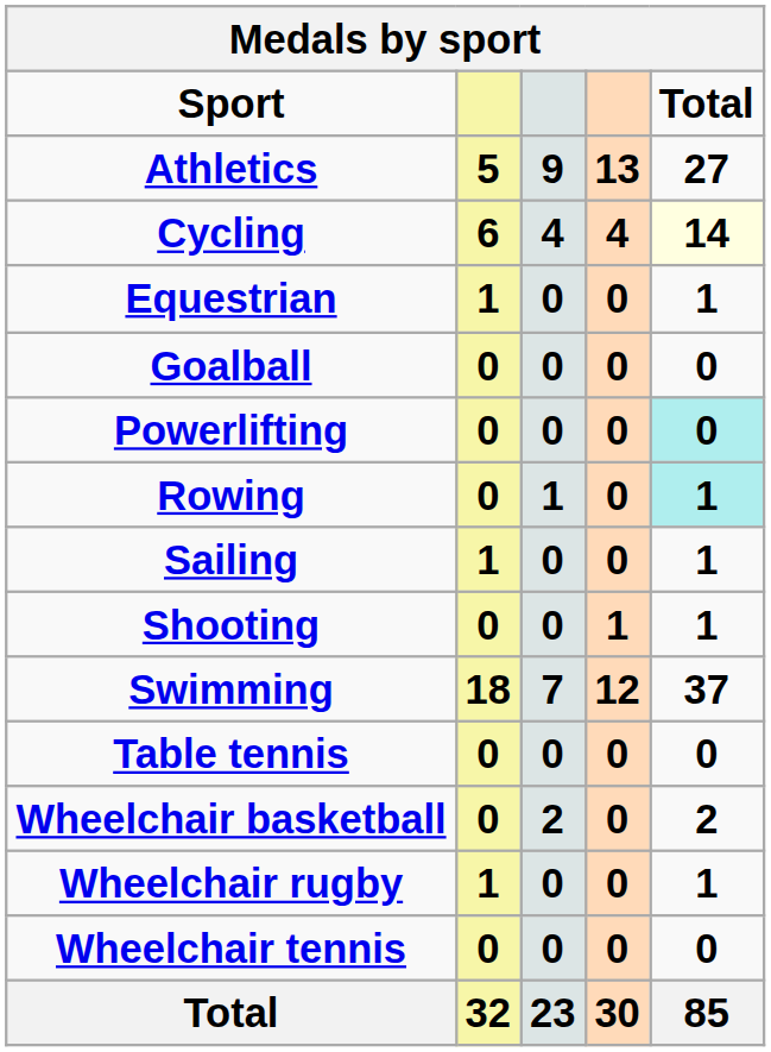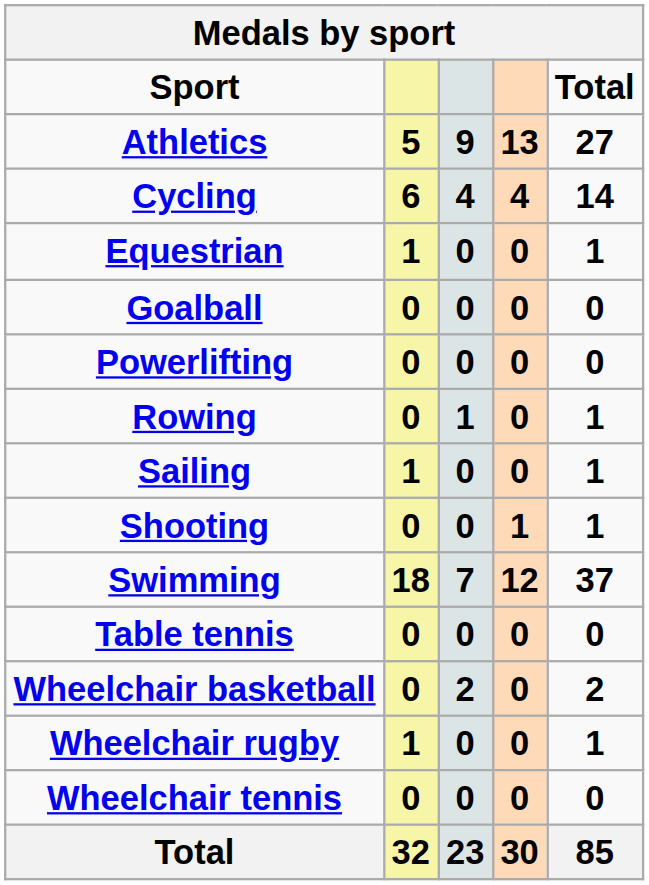 <table class="wikitable" style="font-size:95%;float:right;clear:right;margin-left:0.5em">
 <tr style="background:#efefef;">
 <th colspan=5>Medals by sport</th>
 </tr>
 <tr style="text-align:center;">
 <td><strong>Sport</strong></td>
 <td bgcolor=#f7f6a8></td>
 <td bgcolor=#dce5e5></td>
 <td bgcolor=#ffdab9></td>
 <td><strong>Total</strong></td>
 </tr>
 <tr style="text-align:center; font-weight:bold;">
 <td><a href='#'>Athletics</a></td>
 <td style="background:#F7F6A8;">5</td>
 <td style="background:#DCE5E5;">9</td>
 <td style="background:#FFDAB9;">13</td>
 <td>27</td>
 </tr>
 <tr style="text-align:center; font-weight:bold;">
 <td><a href='#'>Cycling</a></td>
 <td style="background:#F7F6A8;">6</td>
 <td style="background:#DCE5E5;">4</td>
 <td style="background:#FFDAB9;">4</td>
-<td style="background: lightyellow;">14</td>
+<td>14</td>
 </tr>
 <tr style="text-align:center; font-weight:bold;">
 <td><a href='#'>Equestrian</a></td>
 <td style="background:#F7F6A8;">1</td>
 <td style="background:#DCE5E5;">0</td>
 <td style="background:#FFDAB9;">0</td>
 <td>1</td>
 </tr>
 <tr style="text-align:center; font-weight:bold;">
 <td><a href='#'>Goalball</a></td>
 <td style="background:#F7F6A8;">0</td>
 <td style="background:#DCE5E5;">0</td>
 <td style="background:#FFDAB9;">0</td>
 <td>0</td>
 </tr>
 <tr style="text-align:center; font-weight:bold;">
 <td><a href='#'>Powerlifting</a></td>
 <td style="background:#F7F6A8;">0</td>
 <td style="background:#DCE5E5;">0</td>
 <td style="background:#FFDAB9;">0</td>
-<td style="background: paleturquoise;">0</td>
+<td>0</td>
 </tr>
 <tr style="text-align:center; font-weight:bold;">
 <td><a href='#'>Rowing</a></td>
 <td style="background:#F7F6A8;">0</td>
 <td style="background:#DCE5E5;">1</td>
 <td style="background:#FFDAB9;">0</td>
-<td style="background: paleturquoise;">1</td>
+<td>1</td>
 </tr>
 <tr style="text-align:center; font-weight:bold;">
 <td><a href='#'>Sailing</a></td>
 <td style="background:#F7F6A8;">1</td>
 <td style="background:#DCE5E5;">0</td>
 <td style="background:#FFDAB9;">0</td>
 <td>1</td>
 </tr>
 <tr style="text-align:center; font-weight:bold;">
 <td><a href='#'>Shooting</a></td>
 <td style="background:#F7F6A8;">0</td>
 <td style="background:#DCE5E5;">0</td>
 <td style="background:#FFDAB9;">1</td>
 <td>1</td>
 </tr>
 <tr style="text-align:center; font-weight:bold;">
 <td><a href='#'>Swimming</a></td>
 <td style="background:#F7F6A8;">18</td>
 <td style="background:#DCE5E5;">7</td>
 <td style="background:#FFDAB9;">12</td>
 <td>37</td>
 </tr>
 <tr style="text-align:center; font-weight:bold;">
 <td><a href='#'>Table tennis</a></td>
 <td style="background:#F7F6A8;">0</td>
 <td style="background:#DCE5E5;">0</td>
 <td style="background:#FFDAB9;">0</td>
 <td>0</td>
 </tr>
 <tr style="text-align:center; font-weight:bold;">
 <td><a href='#'>Wheelchair basketball</a></td>
 <td style="background:#F7F6A8;">0</td>
 <td style="background:#DCE5E5;">2</td>
 <td style="background:#FFDAB9;">0</td>
 <td>2</td>
 </tr>
 <tr style="text-align:center; font-weight:bold;">
 <td><a href='#'>Wheelchair rugby</a></td>
 <td style="background:#F7F6A8;">1</td>
 <td style="background:#DCE5E5;">0</td>
 <td style="background:#FFDAB9;">0</td>
 <td>1</td>
 </tr>
 <tr style="text-align:center; font-weight:bold;">
 <td><a href='#'>Wheelchair tennis</a></td>
 <td style="background:#F7F6A8;">0</td>
 <td style="background:#DCE5E5;">0</td>
 <td style="background:#FFDAB9;">0</td>
 <td>0</td>
 </tr>
 <tr style="text-align:center; font-weight:bold;">
 <th>Total</th>
 <th style="background:#F7F6A8;">32</th>
 <th style="background:#DCE5E5;">23</th>
 <th style="background:#FFDAB9;">30</th>
 <th>85</th>
 </tr>
 </table>
